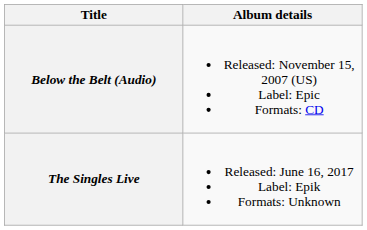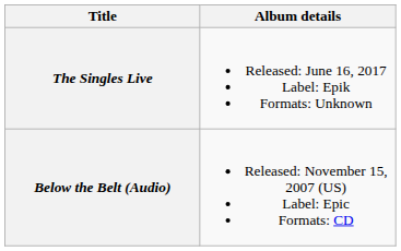 <table class="wikitable plainrowheaders" style="text-align:center;">
 <tr>
 <th scope="col" style="width:13em;">Title</th>
 <th scope="col" style="width:13em;">Album details</th>
 </tr>
 <tr>
+<th scope="row"><em>The Singles Live</em></th>
+<td><br><ul><li>Released: June 16, 2017</li><li>Label: Epik</li><li>Formats: Unknown</li></ul></td>
+</tr>
+<tr>
 <th scope="row"><em>Below the Belt (Audio)</em></th>
 <td><br><ul><li>Released: November 15, 2007 (US)</li><li>Label: Epic</li><li>Formats: <a href='#'>CD</a></li></ul></td>
 </tr>
-<tr>
-<th scope="row"><em>The Singles Live</em></th>
-<td><br><ul><li>Released: June 16, 2017</li><li>Label: Epik</li><li>Formats: Unknown</li></ul></td>
-</tr>
 </table>
